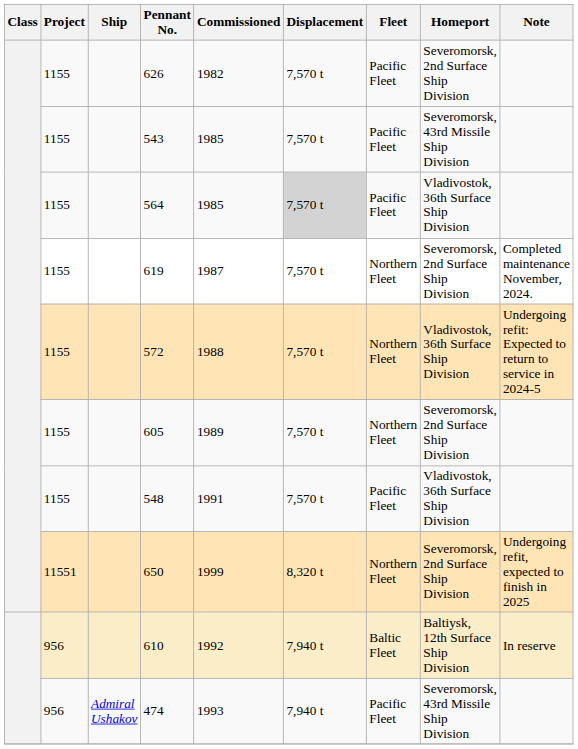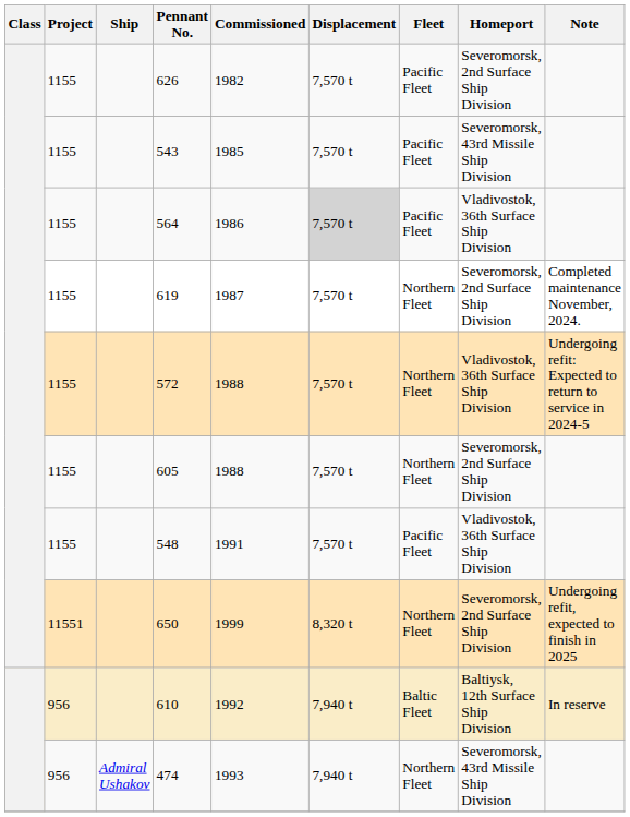 <table class="wikitable sortable mw-collapsible" style="margin:auto; width:100%;">
 <tr>
 <th style="text-align:center; width:18%;">Class</th>
 <th style="text-align:center; width:10%;">Project</th>
 <th style="text-align:center; width:18%;">Ship</th>
 <th style="text-align:center; width:8%;">Pennant No.</th>
 <th style="text-align:center; width:9%;">Commissioned</th>
 <th style="text-align:center; width:9%;">Displacement</th>
 <th style="text-align:center; width:10%;">Fleet</th>
 <th style="text-align:center; width:22%;">Homeport</th>
 <th style="text-align:center; width:8%;">Note</th>
 </tr>
 <tr>
 <th rowspan="8"></th>
 <td>1155</td>
 <td></td>
 <td>626</td>
 <td>1982</td>
 <td>7,570 t</td>
 <td>Pacific Fleet</td>
 <td>Severomorsk, 2nd Surface Ship Division</td>
 <td></td>
 </tr>
 <tr>
 <td>1155</td>
 <td></td>
 <td>543</td>
 <td>1985</td>
 <td>7,570 t</td>
 <td>Pacific Fleet</td>
 <td>Severomorsk, 43rd Missile Ship Division</td>
 <td></td>
 </tr>
 <tr>
 <td>1155</td>
 <td></td>
 <td>564</td>
-<td>1985</td>
+<td>1986</td>
 <td style="background: lightgrey;">7,570 t</td>
 <td>Pacific Fleet</td>
 <td>Vladivostok, 36th Surface Ship Division</td>
 <td></td>
 </tr>
 <tr style="background: #FFFFFF">
 <td>1155</td>
 <td></td>
 <td>619</td>
 <td>1987</td>
 <td>7,570 t</td>
 <td>Northern Fleet</td>
 <td>Severomorsk, 2nd Surface Ship Division</td>
 <td>Completed maintenance November, 2024.</td>
 </tr>
 <tr style="background: #FFE4B5">
 <td>1155</td>
 <td></td>
 <td>572</td>
 <td>1988</td>
 <td>7,570 t</td>
 <td>Northern Fleet</td>
 <td>Vladivostok, 36th Surface Ship Division</td>
 <td> Undergoing refit: Expected to return to service in 2024-5</td>
 </tr>
 <tr>
 <td>1155</td>
 <td></td>
 <td>605</td>
-<td>1989</td>
+<td>1988</td>
 <td>7,570 t</td>
 <td>Northern Fleet</td>
 <td>Severomorsk, 2nd Surface Ship Division</td>
 <td></td>
 </tr>
 <tr>
 <td>1155</td>
 <td></td>
 <td>548</td>
 <td>1991</td>
 <td>7,570 t</td>
 <td>Pacific Fleet</td>
 <td>Vladivostok, 36th Surface Ship Division</td>
 <td></td>
 </tr>
 <tr style="background: #FFE4B5">
 <td>11551</td>
 <td></td>
 <td>650</td>
 <td>1999</td>
 <td>8,320 t</td>
 <td>Northern Fleet</td>
 <td>Severomorsk, 2nd Surface Ship Division</td>
 <td>Undergoing refit, expected to finish in 2025</td>
 </tr>
 <tr style="background: #FAEDC8">
 <th rowspan="2"></th>
 <td>956</td>
 <td></td>
 <td>610</td>
 <td>1992</td>
 <td>7,940 t</td>
 <td>Baltic Fleet</td>
 <td>Baltiysk, 12th Surface Ship Division</td>
 <td>In reserve</td>
 </tr>
 <tr>
 <td>956</td>
 <td><a href='#'><em>Admiral Ushakov</em></a></td>
 <td>474</td>
 <td>1993</td>
 <td>7,940 t</td>
-<td>Pacific Fleet</td>
+<td>Northern Fleet</td>
 <td>Severomorsk, 43rd Missile Ship Division</td>
 <td></td>
 </tr>
 <tr>
 </tr>
 </table>
